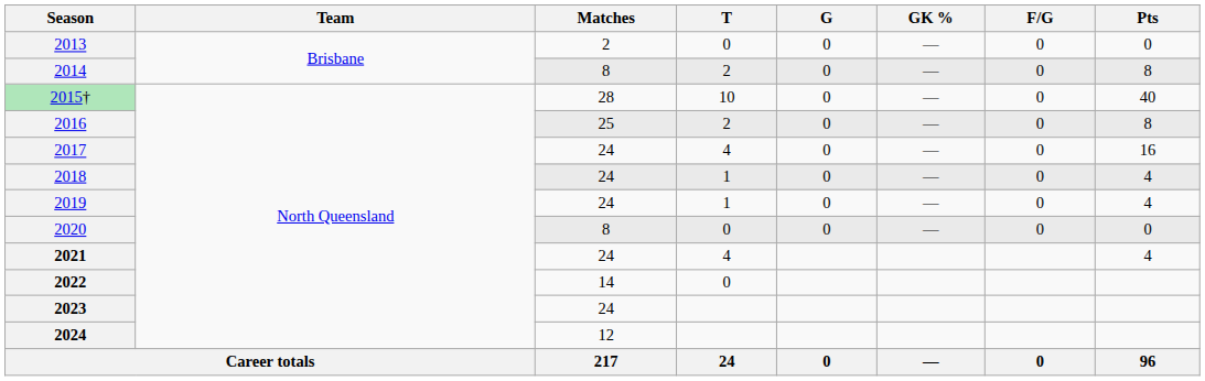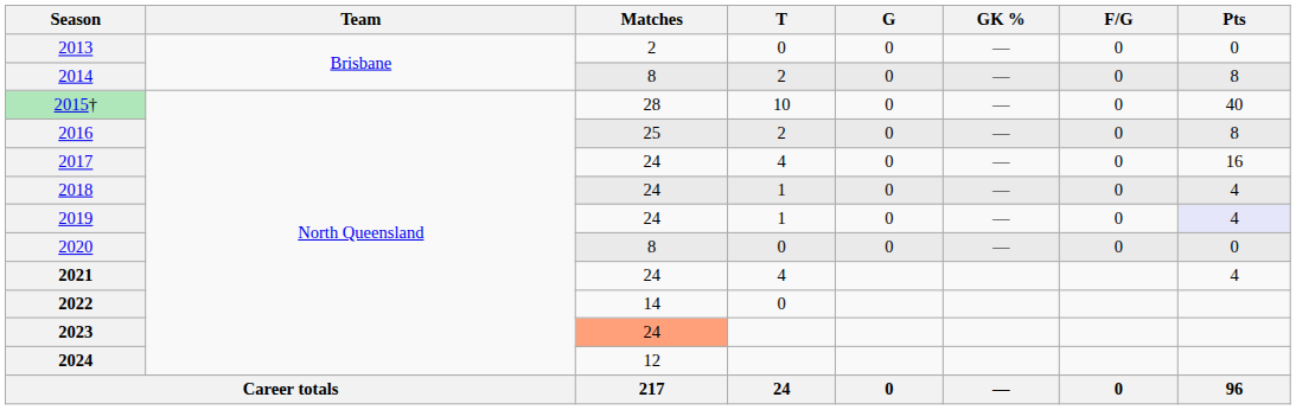 <table class="wikitable sortable"  style="font-size:90%; text-align:center; width:85%;">
 <tr>
 <th width=2%>Season</th>
 <th width=8%>Team</th>
 <th width=2%>Matches</th>
 <th width=2%>T</th>
 <th width=2%>G</th>
 <th width=2%>GK %</th>
 <th width=2%>F/G</th>
 <th width=2%>Pts</th>
 </tr>
 <tr>
 <th scope="row" style="text-align:center; font-weight:normal"><a href='#'>2013</a></th>
 <td rowspan="2" style="text-align:center;"> <a href='#'>Brisbane</a></td>
 <td>2</td>
 <td>0</td>
 <td>0</td>
 <td>—</td>
 <td>0</td>
 <td>0</td>
 </tr>
 <tr style="background:#eaeaea;">
 <th scope="row" style="text-align:center; font-weight:normal"><a href='#'>2014</a></th>
 <td>8</td>
 <td>2</td>
 <td>0</td>
 <td>—</td>
 <td>0</td>
 <td>8</td>
 </tr>
 <tr>
 <th scope="row" style="text-align:center; font-weight:normal; background:#afe6ba;"><a href='#'>2015</a>†</th>
 <td rowspan="10" style="text-align:center;"> <a href='#'>North Queensland</a></td>
 <td>28</td>
 <td>10</td>
 <td>0</td>
 <td>—</td>
 <td>0</td>
 <td>40</td>
 </tr>
 <tr style="background:#eaeaea;">
 <th scope="row" style="text-align:center; font-weight:normal"><a href='#'>2016</a></th>
 <td>25</td>
 <td>2</td>
 <td>0</td>
 <td>—</td>
 <td>0</td>
 <td>8</td>
 </tr>
 <tr>
 <th scope="row" style="text-align:center; font-weight:normal"><a href='#'>2017</a></th>
 <td>24</td>
 <td>4</td>
 <td>0</td>
 <td>—</td>
 <td>0</td>
 <td>16</td>
 </tr>
 <tr style="background:#eaeaea;">
 <th scope="row" style="text-align:center; font-weight:normal"><a href='#'>2018</a></th>
 <td>24</td>
 <td>1</td>
 <td>0</td>
 <td>—</td>
 <td>0</td>
 <td>4</td>
 </tr>
 <tr>
 <th scope="row" style="text-align:center; font-weight:normal"><a href='#'>2019</a></th>
 <td>24</td>
 <td>1</td>
 <td>0</td>
 <td>—</td>
 <td>0</td>
-<td>4</td>
+<td style="background: lavender;">4</td>
 </tr>
 <tr style="background:#eaeaea;">
 <th scope="row" style="text-align:center; font-weight:normal"><a href='#'>2020</a></th>
 <td>8</td>
 <td>0</td>
 <td>0</td>
 <td>—</td>
 <td>0</td>
 <td>0</td>
 </tr>
 <tr>
 <th>2021</th>
 <td>24</td>
 <td>4</td>
 <td></td>
 <td></td>
 <td></td>
 <td>4</td>
 </tr>
 <tr>
 <th>2022</th>
 <td>14</td>
 <td>0</td>
 <td></td>
 <td></td>
 <td></td>
 <td></td>
 </tr>
 <tr>
 <th>2023</th>
-<td>24</td>
+<td style="background: lightsalmon;">24</td>
 <td></td>
 <td></td>
 <td></td>
 <td></td>
 <td></td>
 </tr>
 <tr>
 <th>2024</th>
 <td>12</td>
 <td></td>
 <td></td>
 <td></td>
 <td></td>
 <td></td>
 </tr>
 <tr class="sortbottom">
 <th colspan="2">Career totals</th>
 <th>217</th>
 <th>24</th>
 <th>0</th>
 <th>—</th>
 <th>0</th>
 <th>96</th>
 </tr>
 </table>
